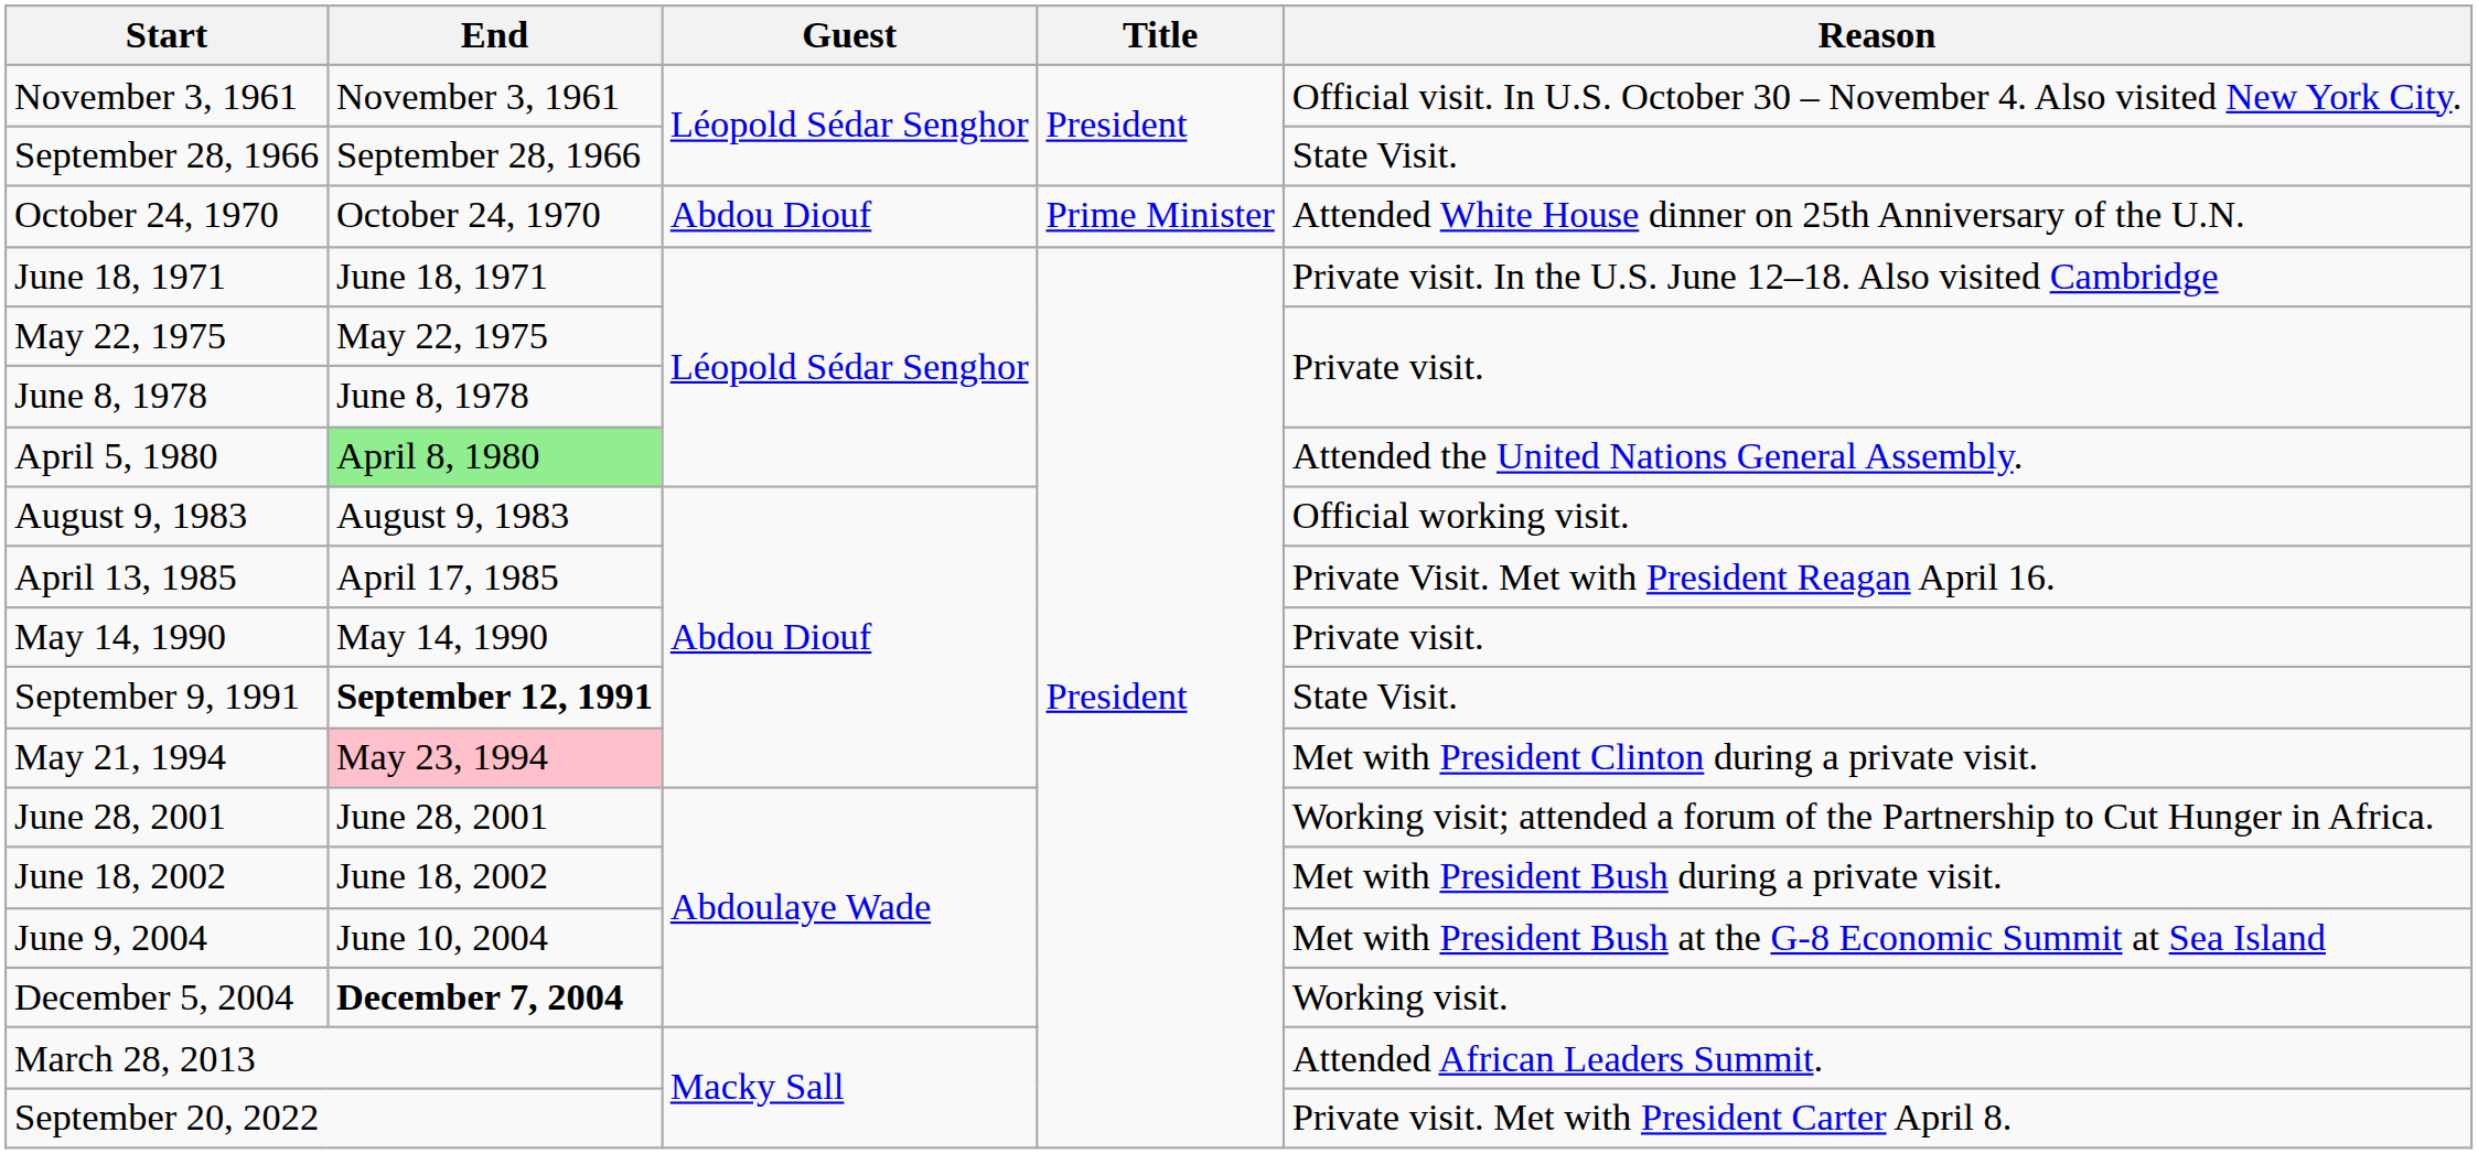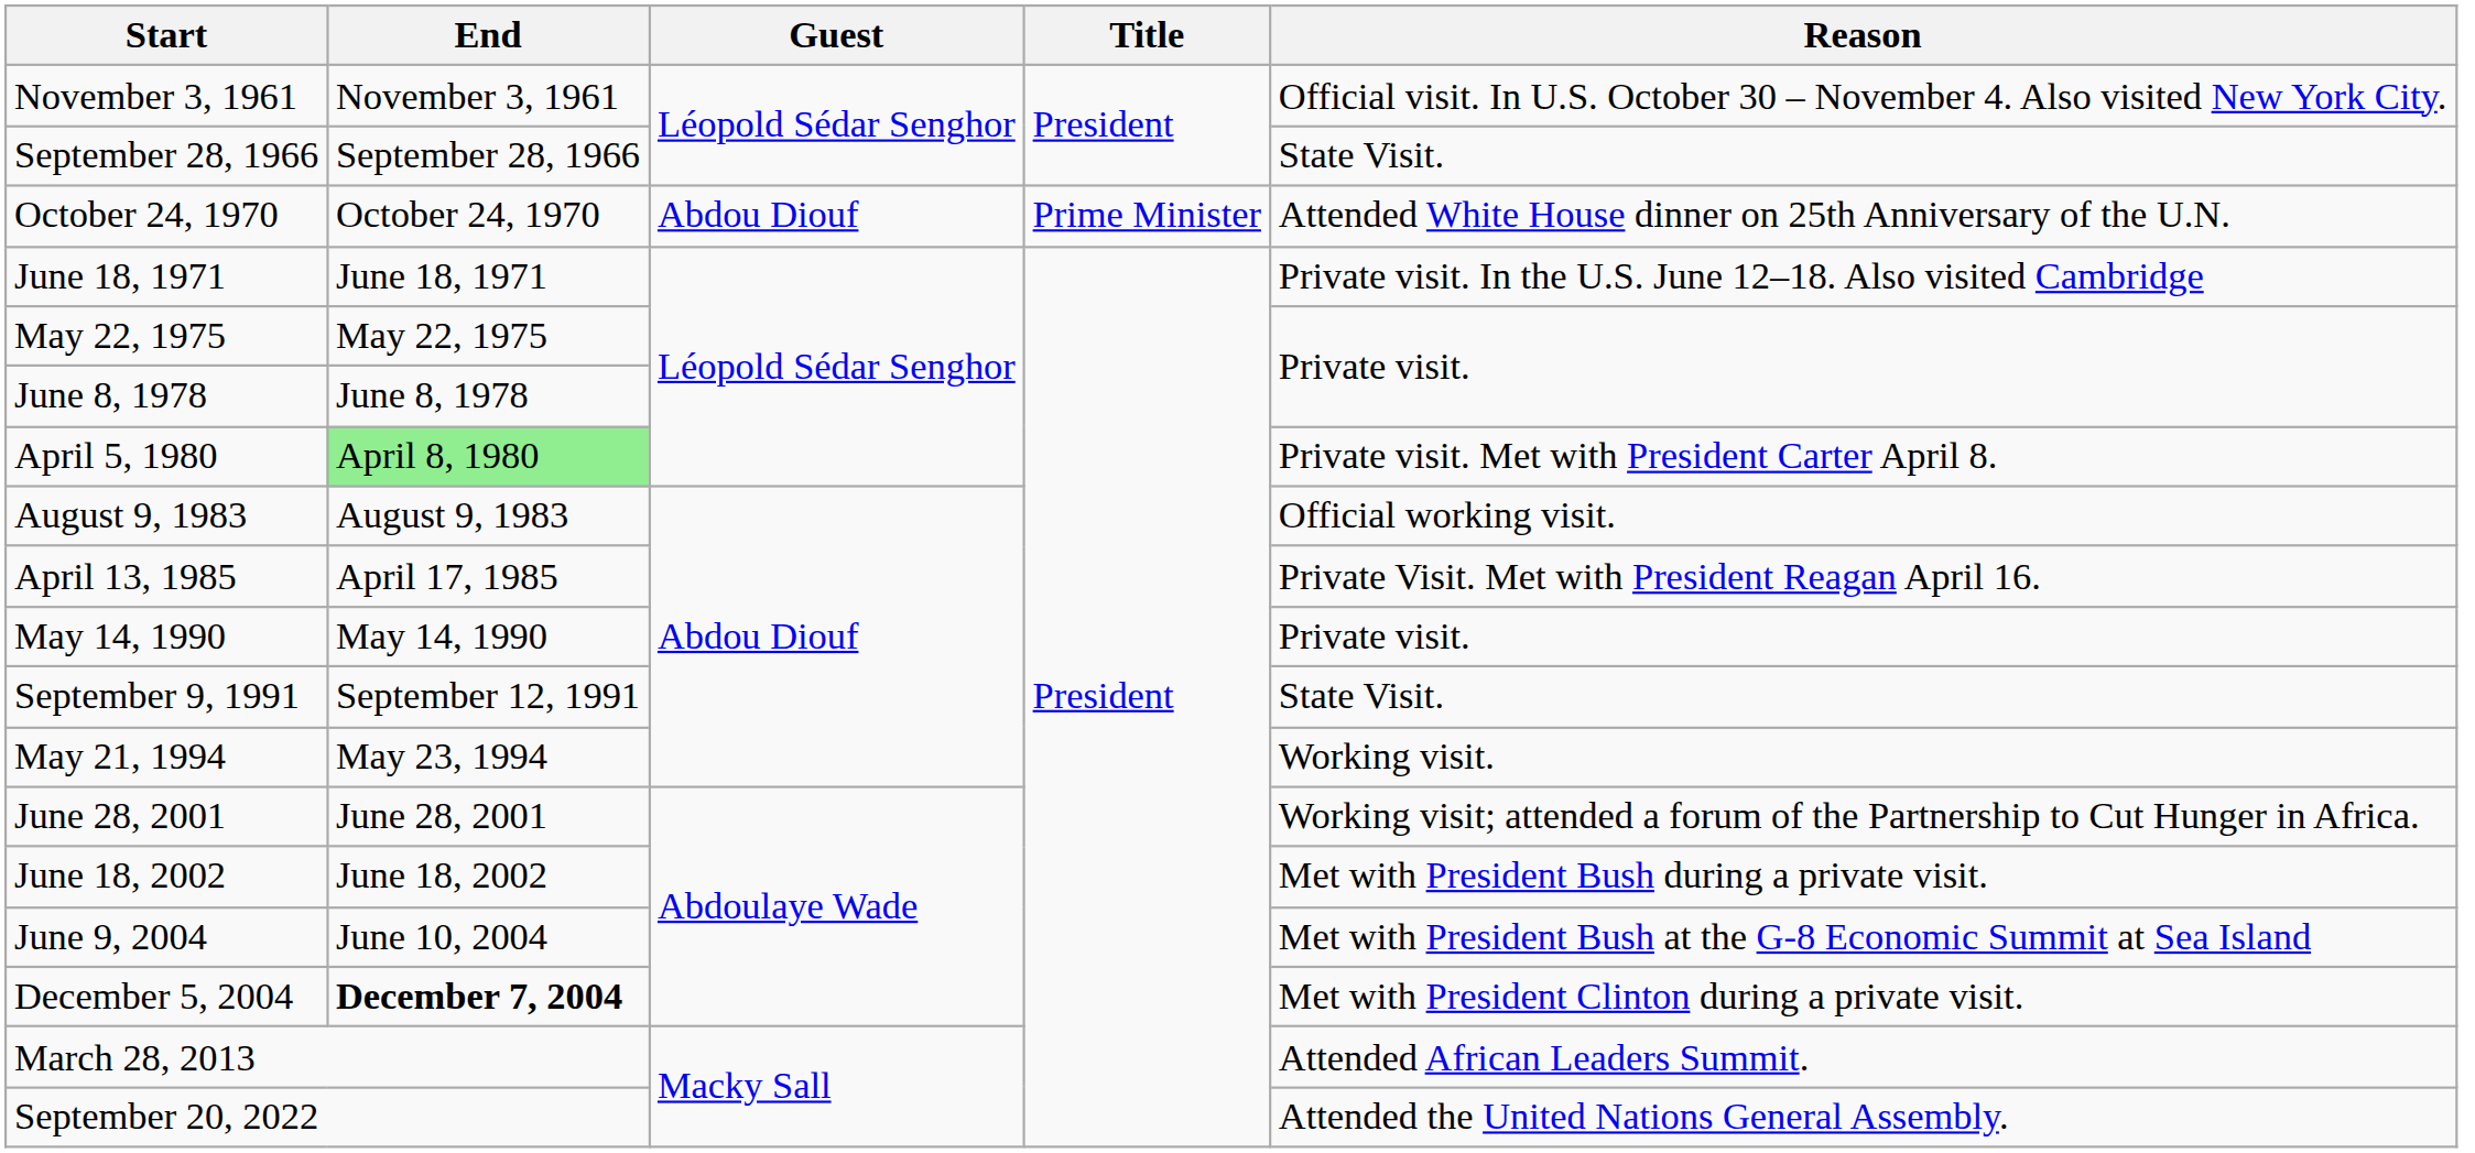 <table class="wikitable sortable">
 <tr>
 <th>Start</th>
 <th>End</th>
 <th>Guest</th>
 <th>Title</th>
 <th>Reason</th>
 </tr>
 <tr>
 <td>November 3, 1961</td>
 <td>November 3, 1961</td>
 <td rowspan=2><a href='#'>Léopold Sédar Senghor</a></td>
 <td rowspan=2><a href='#'>President</a></td>
 <td>Official visit. In U.S. October 30 – November 4. Also visited <a href='#'>New York City</a>.</td>
 </tr>
 <tr>
 <td>September 28, 1966</td>
 <td>September 28, 1966</td>
 <td>State Visit.</td>
 </tr>
 <tr>
 <td>October 24, 1970</td>
 <td>October 24, 1970</td>
 <td><a href='#'>Abdou Diouf</a></td>
 <td><a href='#'>Prime Minister</a></td>
 <td>Attended <a href='#'>White House</a> dinner on 25th Anniversary of the U.N.</td>
 </tr>
 <tr>
 <td>June 18, 1971</td>
 <td>June 18, 1971</td>
 <td rowspan=4><a href='#'>Léopold Sédar Senghor</a></td>
 <td rowspan=15><a href='#'>President</a></td>
 <td>Private visit. In the U.S. June 12–18. Also visited <a href='#'>Cambridge</a></td>
 </tr>
 <tr>
 <td>May 22, 1975</td>
 <td>May 22, 1975</td>
 <td rowspan=2>Private visit.</td>
 </tr>
 <tr>
 <td>June 8, 1978</td>
 <td>June 8, 1978</td>
 </tr>
 <tr>
 <td>April 5, 1980</td>
 <td style="background: lightgreen;">April 8, 1980</td>
-<td>Attended the <a href='#'>United Nations General Assembly</a>.</td>
+<td>Private visit. Met with <a href='#'>President Carter</a> April 8.</td>
 </tr>
 <tr>
 <td>August 9, 1983</td>
 <td>August 9, 1983</td>
 <td rowspan=5><a href='#'>Abdou Diouf</a></td>
 <td>Official working visit.</td>
 </tr>
 <tr>
 <td>April 13, 1985</td>
 <td>April 17, 1985</td>
 <td>Private Visit. Met with <a href='#'>President Reagan</a> April 16.</td>
 </tr>
 <tr>
 <td>May 14, 1990</td>
 <td>May 14, 1990</td>
 <td>Private visit.</td>
 </tr>
 <tr>
 <td>September 9, 1991</td>
-<td><strong>September 12, 1991</strong></td>
+<td>September 12, 1991</td>
 <td>State Visit.</td>
 </tr>
 <tr>
 <td>May 21, 1994</td>
-<td style="background: pink;">May 23, 1994</td>
-<td>Met with <a href='#'>President Clinton</a> during a private visit.</td>
+<td>May 23, 1994</td>
+<td>Working visit.</td>
 </tr>
 <tr>
 <td>June 28, 2001</td>
 <td>June 28, 2001</td>
 <td rowspan=4><a href='#'>Abdoulaye Wade</a></td>
 <td>Working visit; attended a forum of the Partnership to Cut Hunger in Africa.</td>
 </tr>
 <tr>
 <td>June 18, 2002</td>
 <td>June 18, 2002</td>
 <td>Met with <a href='#'>President Bush</a> during a private visit.</td>
 </tr>
 <tr>
 <td>June 9, 2004</td>
 <td>June 10, 2004</td>
 <td>Met with <a href='#'>President Bush</a> at the <a href='#'>G-8 Economic Summit</a> at <a href='#'>Sea Island</a></td>
 </tr>
 <tr>
 <td>December 5, 2004</td>
 <td><strong>December 7, 2004</strong></td>
-<td>Working visit.</td>
+<td>Met with <a href='#'>President Clinton</a> during a private visit.</td>
 </tr>
 <tr>
 <td colspan="2"><div>March 28, 2013</div></td>
 <td rowspan="2"><a href='#'>Macky Sall</a></td>
 <td>Attended <a href='#'>African Leaders Summit</a>.</td>
 </tr>
 <tr>
 <td colspan="2"><div>September 20, 2022</div></td>
-<td>Private visit. Met with <a href='#'>President Carter</a> April 8.</td>
+<td>Attended the <a href='#'>United Nations General Assembly</a>.</td>
 </tr>
 </table>
